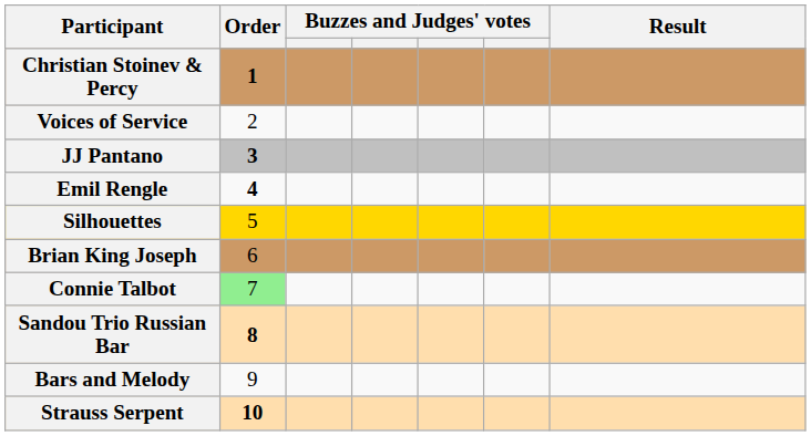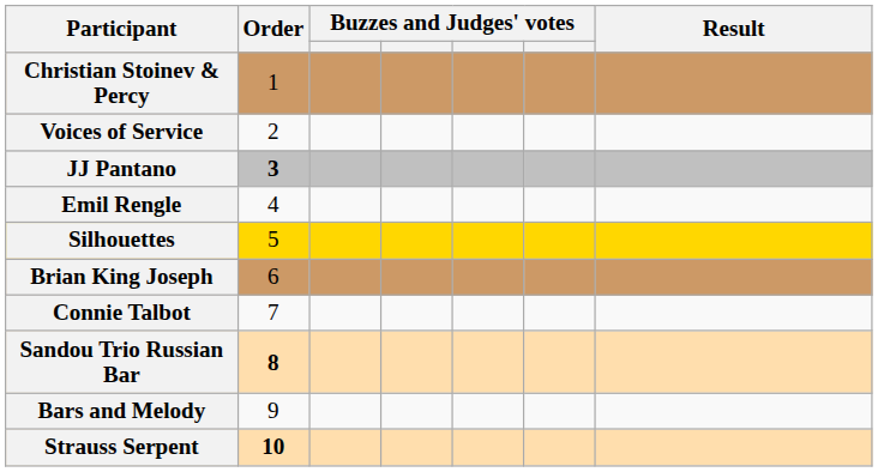 <table class="wikitable plainrowheaders sortable" style="text-align:center;">
 <tr>
 <th scope="col" rowspan="2" class="unsortable" style="width:17em;">Participant</th>
 <th scope="col" rowspan="2" style="width:1em;">Order</th>
 <th scope="col" colspan="4" class="unsortable" style="width:24em;">Buzzes and Judges' votes</th>
 <th scope="col" rowspan="2" style="width:25em;">Result</th>
 </tr>
 <tr>
 <th scope="col" class="unsortable" style="width:6em;"></th>
 <th scope="col" class="unsortable" style="width:6em;"></th>
 <th scope="col" class="unsortable" style="width:6em;"></th>
 <th scope="col" class="unsortable" style="width:6em;"></th>
 </tr>
 <tr bgcolor=#c96>
 <th scope="row">Christian Stoinev & Percy</th>
-<td><strong>1</strong></td>
+<td>1</td>
 <td style="text-align:center;"></td>
 <td style="text-align:center;"></td>
 <td style="text-align:center;"></td>
 <td style="text-align:center;"></td>
 <td></td>
 </tr>
 <tr>
 <th scope="row">Voices of Service</th>
 <td>2</td>
 <td style="text-align:center;"></td>
 <td style="text-align:center;"></td>
 <td style="text-align:center;"></td>
 <td style="text-align:center;"></td>
 <td></td>
 </tr>
 <tr bgcolor=silver>
 <th scope="row"><strong> JJ Pantano </strong></th>
 <td><strong> 3 </strong></td>
 <td style="text-align:center;"></td>
 <td style="text-align:center;"></td>
 <td style="text-align:center;"></td>
 <td style="text-align:center;"></td>
 <td><strong></strong></td>
 </tr>
 <tr>
 <th scope="row">Emil Rengle</th>
-<td><strong>4</strong></td>
+<td>4</td>
 <td style="text-align:center;"></td>
 <td style="text-align:center;"></td>
 <td style="text-align:center;"></td>
 <td style="text-align:center;"></td>
 <td></td>
 </tr>
 <tr bgcolor=gold>
 <th scope="row"><strong> Silhouettes </strong></th>
 <td>5</td>
 <td style="text-align:center;"></td>
 <td style="text-align:center;"></td>
 <td style="text-align:center;"></td>
 <td style="text-align:center;"></td>
 <td><strong></strong></td>
 </tr>
 <tr bgcolor=#c96>
 <th scope="row">Brian King Joseph</th>
 <td>6</td>
 <td style="text-align:center;"></td>
 <td style="text-align:center;"></td>
 <td style="text-align:center;"></td>
 <td style="text-align:center;"></td>
 <td></td>
 </tr>
 <tr>
 <th scope="row">Connie Talbot</th>
-<td style="background: lightgreen;">7</td>
+<td>7</td>
 <td style="text-align:center;"></td>
 <td style="text-align:center;"></td>
 <td style="text-align:center;"></td>
 <td style="text-align:center;"></td>
 <td></td>
 </tr>
 <tr bgcolor=navajowhite>
 <th scope="row"><strong> Sandou Trio Russian Bar </strong></th>
 <td><strong> 8 </strong></td>
 <td style="text-align:center;"></td>
 <td style="text-align:center;"></td>
 <td style="text-align:center;"></td>
 <td style="text-align:center;"></td>
 <td><strong></strong></td>
 </tr>
 <tr>
 <th scope="row">Bars and Melody</th>
 <td>9</td>
 <td style="text-align:center;"></td>
 <td style="text-align:center;"></td>
 <td style="text-align:center;"></td>
 <td style="text-align:center;"></td>
 <td></td>
 </tr>
 <tr bgcolor=navajowhite>
 <th scope="row"><strong> Strauss Serpent </strong></th>
 <td><strong> 10 </strong></td>
 <td style="text-align:center;"></td>
 <td style="text-align:center;"></td>
 <td style="text-align:center;"></td>
 <td style="text-align:center;"></td>
 <td><strong></strong></td>
 </tr>
 </table>
